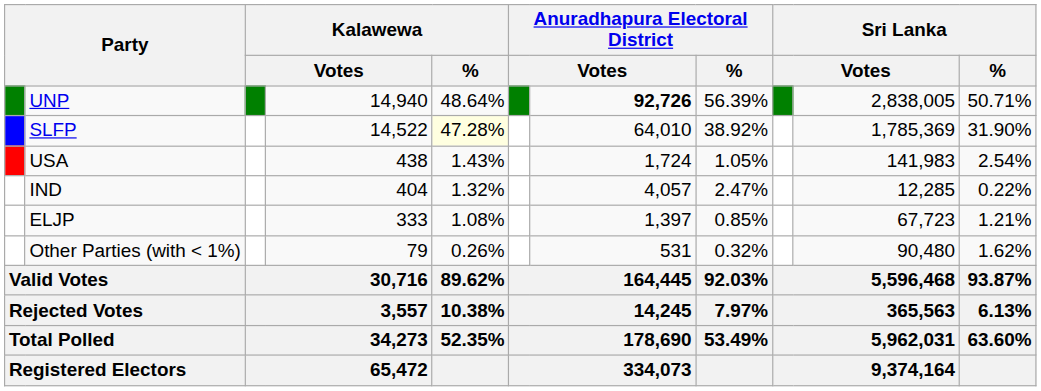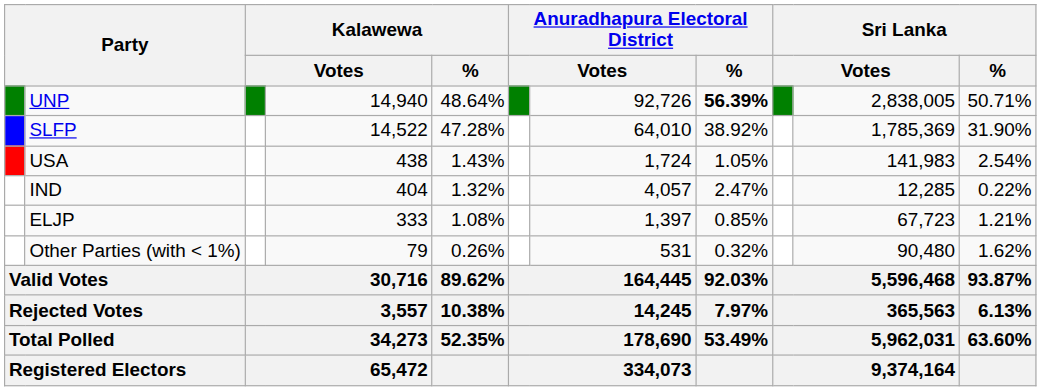 <table class="wikitable">
 <tr>
 <th colspan="2" width="144px"rowspan="2">Party</th>
 <th colspan="3" width="216px">Kalawewa</th>
 <th colspan="3" width="216px"><a href='#'>Anuradhapura Electoral District</a></th>
 <th colspan="3" width="216px">Sri Lanka</th>
 </tr>
 <tr>
 <th colspan="2" width="144px">Votes</th>
 <th>%</th>
 <th colspan="2" width="144px">Votes</th>
 <th>%</th>
 <th colspan="2" width="144px">Votes</th>
 <th>%</th>
 </tr>
 <tr>
 <td style="background-color:green;" width="10px"></td>
 <td style="text-align:left;"><a href='#'>UNP</a></td>
 <td style="background-color:green;" width="10px"></td>
 <td style="text-align:right;">14,940</td>
 <td style="text-align:right;">48.64%</td>
 <td style="background-color:green;" width="10px"></td>
-<td style="text-align:right;"><strong>92,726</strong></td>
-<td style="text-align:right;">56.39%</td>
+<td style="text-align:right;">92,726</td>
+<td style="text-align:right;"><strong>56.39%</strong></td>
 <td style="background-color:green;" width="10px"></td>
 <td style="text-align:right;">2,838,005</td>
 <td style="text-align:right;">50.71%</td>
 </tr>
 <tr>
 <td style="background-color:blue;" width="10px"></td>
 <td style="text-align:left;"><a href='#'>SLFP</a></td>
 <td style="background-color:white;" width="10px"></td>
 <td style="text-align:right;">14,522</td>
-<td style="background: lightyellow; text-align:right;">47.28%</td>
+<td style="text-align:right;">47.28%</td>
 <td style="background-color:white;" width="10px"></td>
 <td style="text-align:right;">64,010</td>
 <td style="text-align:right;">38.92%</td>
 <td style="background-color:white;" width="10px"></td>
 <td style="text-align:right;">1,785,369</td>
 <td style="text-align:right;">31.90%</td>
 </tr>
 <tr>
 <td style="background-color:red;" width="10px"></td>
 <td style="text-align:left;">USA</td>
 <td style="background-color:white;" width="10px"></td>
 <td style="text-align:right;">438</td>
 <td style="text-align:right;">1.43%</td>
 <td style="background-color:white;" width="10px"></td>
 <td style="text-align:right;">1,724</td>
 <td style="text-align:right;">1.05%</td>
 <td style="background-color:white;" width="10px"></td>
 <td style="text-align:right;">141,983</td>
 <td style="text-align:right;">2.54%</td>
 </tr>
 <tr>
 <td style="background-color:white;" width="10px"></td>
 <td style="text-align:left;">IND</td>
 <td style="background-color:white;" width="10px"></td>
 <td style="text-align:right;">404</td>
 <td style="text-align:right;">1.32%</td>
 <td style="background-color:white;" width="10px"></td>
 <td style="text-align:right;">4,057</td>
 <td style="text-align:right;">2.47%</td>
 <td style="background-color:white;" width="10px"></td>
 <td style="text-align:right;">12,285</td>
 <td style="text-align:right;">0.22%</td>
 </tr>
 <tr>
 <td style="background-color:white;" width="10px"></td>
 <td style="text-align:left;">ELJP</td>
 <td style="background-color:white;" width="10px"></td>
 <td style="text-align:right;">333</td>
 <td style="text-align:right;">1.08%</td>
 <td style="background-color:white;" width="10px"></td>
 <td style="text-align:right;">1,397</td>
 <td style="text-align:right;">0.85%</td>
 <td style="background-color:white;" width="10px"></td>
 <td style="text-align:right;">67,723</td>
 <td style="text-align:right;">1.21%</td>
 </tr>
 <tr>
 <td style="background-color:white;" width="10px"></td>
 <td style="text-align:left;">Other Parties (with < 1%)</td>
 <td style="background-color:white;" width="10px"></td>
 <td style="text-align:right;">79</td>
 <td style="text-align:right;">0.26%</td>
 <td style="background-color:white;" width="10px"></td>
 <td style="text-align:right;">531</td>
 <td style="text-align:right;">0.32%</td>
 <td style="background-color:white;" width="10px"></td>
 <td style="text-align:right;">90,480</td>
 <td style="text-align:right;">1.62%</td>
 </tr>
 <tr>
 <th colspan="2" width="144px"style="text-align:left;">Valid Votes</th>
 <th style="text-align:right;"colspan="2" width="144px">30,716</th>
 <th style="text-align:right;">89.62%</th>
 <th style="text-align:right;"colspan="2" width="144px">164,445</th>
 <th style="text-align:right;">92.03%</th>
 <th style="text-align:right;"colspan="2" width="144px">5,596,468</th>
 <th style="text-align:right;">93.87%</th>
 </tr>
 <tr>
 <th colspan="2" width="144px"style="text-align:left;">Rejected Votes</th>
 <th style="text-align:right;"colspan="2" width="144px">3,557</th>
 <th style="text-align:right;">10.38%</th>
 <th style="text-align:right;"colspan="2" width="144px">14,245</th>
 <th style="text-align:right;">7.97%</th>
 <th style="text-align:right;"colspan="2" width="144px">365,563</th>
 <th style="text-align:right;">6.13%</th>
 </tr>
 <tr>
 <th colspan="2" width="144px"style="text-align:left;">Total Polled</th>
 <th style="text-align:right;"colspan="2" width="144px">34,273</th>
 <th style="text-align:right;">52.35%</th>
 <th style="text-align:right;"colspan="2" width="144px">178,690</th>
 <th style="text-align:right;">53.49%</th>
 <th style="text-align:right;"colspan="2" width="144px">5,962,031</th>
 <th style="text-align:right;">63.60%</th>
 </tr>
 <tr>
 <th colspan="2" width="144px"style="text-align:left;">Registered Electors</th>
 <th style="text-align:right;"colspan="2" width="144px">65,472</th>
 <th></th>
 <th style="text-align:right;"colspan="2" width="144px">334,073</th>
 <th></th>
 <th style="text-align:right;"colspan="2" width="144px">9,374,164</th>
 <th></th>
 </tr>
 </table>
